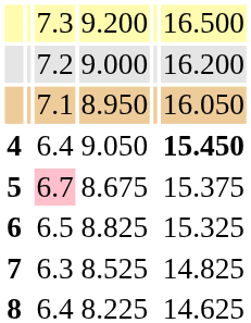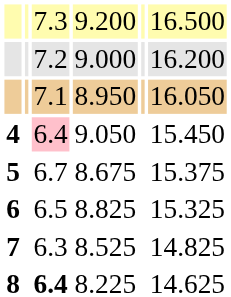 <table>
 <tr style="background:#fffcaf;">
 <td></td>
 <td align=left></td>
 <td>7.3</td>
 <td>9.200</td>
 <td></td>
 <td>16.500</td>
 </tr>
 <tr style="background:#e5e5e5;">
 <td></td>
 <td align=left></td>
 <td>7.2</td>
 <td>9.000</td>
 <td></td>
 <td>16.200</td>
 </tr>
 <tr style="background:#ec9;">
 <td></td>
 <td align=left></td>
 <td>7.1</td>
 <td>8.950</td>
 <td></td>
 <td>16.050</td>
 </tr>
 <tr>
 <th><strong>4</strong></th>
 <td align=left></td>
-<td>6.4</td>
+<td style="background: pink;">6.4</td>
 <td>9.050</td>
 <td></td>
-<td><strong>15.450</strong></td>
+<td>15.450</td>
 </tr>
 <tr>
 <th><strong>5</strong></th>
 <td align=left></td>
-<td style="background: pink;">6.7</td>
+<td>6.7</td>
 <td>8.675</td>
 <td></td>
 <td>15.375</td>
 </tr>
 <tr>
 <th><strong>6</strong></th>
 <td align=left></td>
 <td>6.5</td>
 <td>8.825</td>
 <td></td>
 <td>15.325</td>
 </tr>
 <tr>
 <th><strong>7</strong></th>
 <td align=left></td>
 <td>6.3</td>
 <td>8.525</td>
 <td></td>
 <td>14.825</td>
 </tr>
 <tr>
 <th><strong>8</strong></th>
 <td align=left></td>
-<td>6.4</td>
+<td><strong>6.4</strong></td>
 <td>8.225</td>
 <td></td>
 <td>14.625</td>
 </tr>
 </table>
